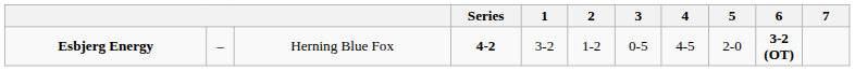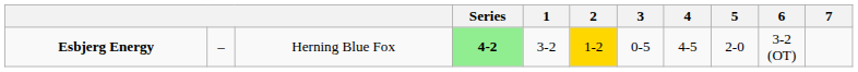 <table class="wikitable" style="text-align:center; width:75%;">
 <tr class="hintergrundfarbe5">
 <th colspan="3" style="width:47.5%;"></th>
 <th style="width:7.5%;">Series</th>
 <th style="width:5%;">1</th>
 <th style="width:5%;">2</th>
 <th style="width:5%;">3</th>
 <th style="width:5%;">4</th>
 <th style="width:5%;">5</th>
 <th style="width:5%;">6</th>
 <th style="width:5%;">7</th>
 </tr>
 <tr>
 <td><strong>Esbjerg Energy</strong></td>
 <td>–</td>
 <td>Herning Blue Fox</td>
-<td><strong>4-2</strong></td>
+<td style="background: lightgreen;"><strong>4-2</strong></td>
 <td>3-2</td>
-<td>1-2</td>
+<td style="background: gold;">1-2</td>
 <td>0-5</td>
 <td>4-5</td>
 <td>2-0</td>
-<td><strong>3-2 (OT)</strong></td>
+<td>3-2 (OT)</td>
 <td></td>
 </tr>
 </table>
